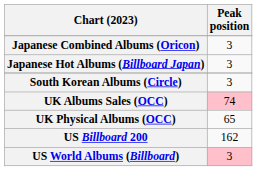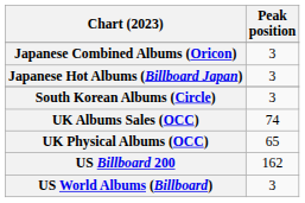 <table class="wikitable plainrowheaders sortable" style="text-align:center">
 <tr>
 <th scope="col">Chart (2023)</th>
 <th scope="col">Peak<br>position</th>
 </tr>
 <tr>
 </tr>
 <tr>
 </tr>
 <tr>
 <th scope="row">Japanese Combined Albums (<a href='#'>Oricon</a>)</th>
 <td>3</td>
 </tr>
 <tr>
 <th scope="row">Japanese Hot Albums (<em><a href='#'>Billboard Japan</a></em>)</th>
 <td>3</td>
 </tr>
 <tr>
 </tr>
 <tr>
 <th scope="row">South Korean Albums (<a href='#'>Circle</a>)</th>
 <td>3</td>
 </tr>
 <tr>
 <th scope="row">UK Albums Sales (<a href='#'>OCC</a>)</th>
-<td style="background: pink;">74</td>
+<td>74</td>
 </tr>
 <tr>
 <th scope="row">UK Physical Albums (<a href='#'>OCC</a>)</th>
 <td>65</td>
 </tr>
 <tr>
 <th scope="row">US <a href='#'><em>Billboard</em> 200</a></th>
 <td>162</td>
 </tr>
 <tr>
 <th scope="row">US <a href='#'>World Albums</a> (<em><a href='#'>Billboard</a></em>)</th>
-<td style="background: pink;">3</td>
+<td>3</td>
 </tr>
 </table>
